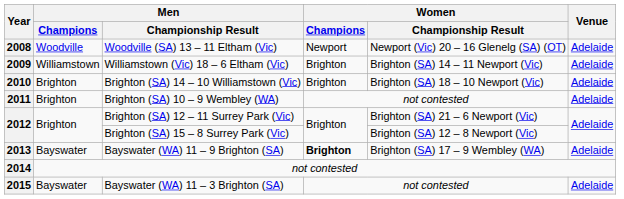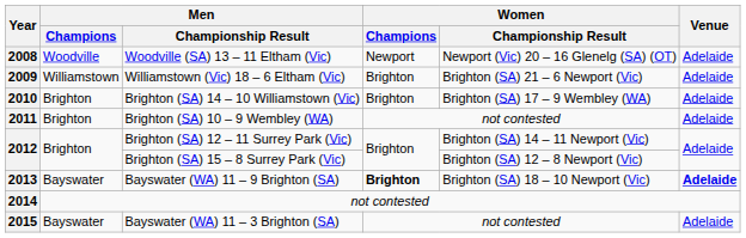 <table class=wikitable>
 <tr>
 <th rowspan=2>Year</th>
 <th colspan=2>Men</th>
 <th colspan=2>Women</th>
 <th rowspan=2>Venue</th>
 </tr>
 <tr>
 <th><a href='#'>Champions</a></th>
 <th>Championship Result</th>
 <th><a href='#'>Champions</a></th>
 <th>Championship Result</th>
 </tr>
 <tr>
 <th>2008</th>
 <td><a href='#'>Woodville</a></td>
 <td><a href='#'>Woodville</a> (<a href='#'>SA</a>) 13 – 11 Eltham (<a href='#'>Vic</a>)</td>
 <td>Newport</td>
 <td>Newport (<a href='#'>Vic</a>) 20 – 16 Glenelg (<a href='#'>SA</a>) (<a href='#'>OT</a>)</td>
 <td><a href='#'>Adelaide</a></td>
 </tr>
 <tr>
 <th>2009</th>
 <td>Williamstown</td>
 <td>Williamstown (<a href='#'>Vic</a>) 18 – 6 Eltham (<a href='#'>Vic</a>)</td>
 <td>Brighton</td>
-<td>Brighton (<a href='#'>SA</a>) 14 – 11 Newport (<a href='#'>Vic</a>)</td>
+<td>Brighton (<a href='#'>SA</a>) 21 – 6 Newport (<a href='#'>Vic</a>)</td>
 <td><a href='#'>Adelaide</a></td>
 </tr>
 <tr>
 <th>2010</th>
 <td>Brighton</td>
 <td>Brighton (<a href='#'>SA</a>) 14 – 10 Williamstown (<a href='#'>Vic</a>)</td>
 <td>Brighton</td>
-<td>Brighton (<a href='#'>SA</a>) 18 – 10 Newport (<a href='#'>Vic</a>)</td>
+<td>Brighton (<a href='#'>SA</a>) 17 – 9 Wembley (<a href='#'>WA</a>)</td>
 <td><a href='#'>Adelaide</a></td>
 </tr>
 <tr>
 <th>2011</th>
 <td>Brighton</td>
 <td>Brighton (<a href='#'>SA</a>) 10 – 9 Wembley (<a href='#'>WA</a>)</td>
 <td align="center" colspan=2><em>not contested</em></td>
 <td><a href='#'>Adelaide</a></td>
 </tr>
 <tr>
 <th rowspan=2>2012</th>
 <td rowspan=2>Brighton</td>
 <td>Brighton (<a href='#'>SA</a>) 12 – 11 Surrey Park (<a href='#'>Vic</a>)</td>
 <td rowspan=2>Brighton</td>
-<td>Brighton (<a href='#'>SA</a>) 21 – 6 Newport (<a href='#'>Vic</a>)</td>
+<td>Brighton (<a href='#'>SA</a>) 14 – 11 Newport (<a href='#'>Vic</a>)</td>
 <td rowspan=2><a href='#'>Adelaide</a></td>
 </tr>
 <tr>
 <td>Brighton (<a href='#'>SA</a>) 15 – 8 Surrey Park (<a href='#'>Vic</a>)</td>
 <td>Brighton (<a href='#'>SA</a>) 12 – 8 Newport (<a href='#'>Vic</a>)</td>
 </tr>
 <tr>
 <th>2013</th>
 <td>Bayswater</td>
 <td>Bayswater (<a href='#'>WA</a>) 11 – 9 Brighton (<a href='#'>SA</a>)</td>
 <td><strong>Brighton</strong></td>
-<td>Brighton (<a href='#'>SA</a>) 17 – 9 Wembley (<a href='#'>WA</a>)</td>
-<td><a href='#'>Adelaide</a></td>
+<td>Brighton (<a href='#'>SA</a>) 18 – 10 Newport (<a href='#'>Vic</a>)</td>
+<td><strong><a href='#'>Adelaide</a></strong></td>
 </tr>
 <tr>
 <th>2014</th>
 <td align="center" colspan=5><em>not contested</em></td>
 </tr>
 <tr>
 <th>2015</th>
 <td>Bayswater</td>
 <td>Bayswater (<a href='#'>WA</a>) 11 – 3 Brighton (<a href='#'>SA</a>)</td>
 <td align="center" colspan=2><em>not contested</em></td>
 <td><a href='#'>Adelaide</a></td>
 </tr>
 </table>
